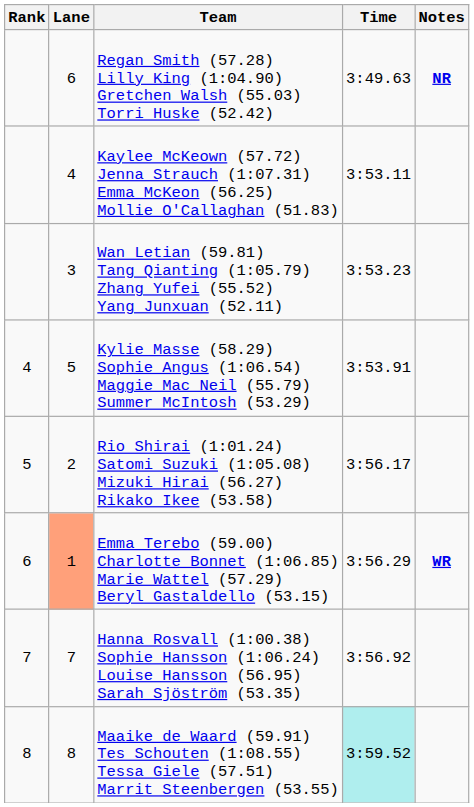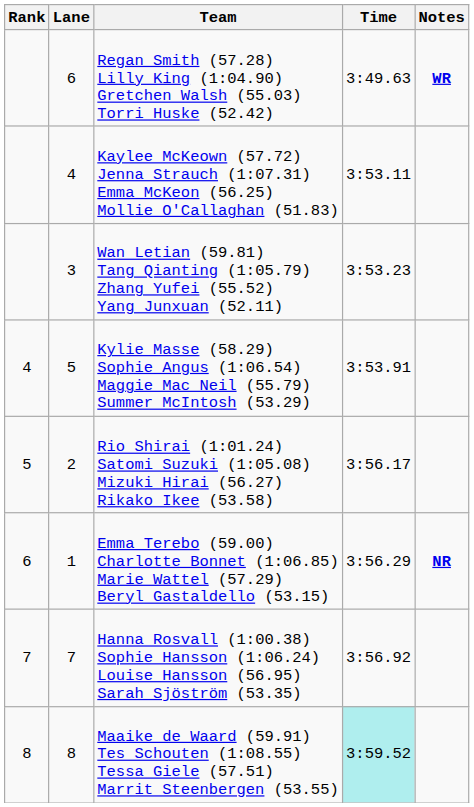 <table class="wikitable sortable mw-collapsible" style="text-align:center">
 <tr>
 <th scope="col">Rank</th>
 <th scope="col">Lane</th>
 <th scope="col">Team</th>
 <th scope="col">Time</th>
 <th scope="col">Notes</th>
 </tr>
 <tr>
 <td></td>
 <td>6</td>
 <td align=left><br><a href='#'>Regan Smith</a> (57.28) <br><a href='#'>Lilly King</a> (1:04.90)<br><a href='#'>Gretchen Walsh</a> (55.03)<br><a href='#'>Torri Huske</a> (52.42)</td>
 <td>3:49.63</td>
-<td><strong><a href='#'>NR</a></strong></td>
+<td><strong><a href='#'>WR</a></strong></td>
 </tr>
 <tr>
 <td></td>
 <td>4</td>
 <td align=left> <br><a href='#'>Kaylee McKeown</a> (57.72)<br><a href='#'>Jenna Strauch</a> (1:07.31)<br><a href='#'>Emma McKeon</a> (56.25)<br><a href='#'>Mollie O'Callaghan</a> (51.83)</td>
 <td>3:53.11</td>
 <td></td>
 </tr>
 <tr>
 <td></td>
 <td>3</td>
 <td align=left> <br><a href='#'>Wan Letian</a> (59.81)<br><a href='#'>Tang Qianting</a> (1:05.79)<br><a href='#'>Zhang Yufei</a> (55.52)<br><a href='#'>Yang Junxuan</a> (52.11)</td>
 <td>3:53.23</td>
 <td></td>
 </tr>
 <tr>
 <td>4</td>
 <td>5</td>
 <td align=left> <br><a href='#'>Kylie Masse</a> (58.29)<br><a href='#'>Sophie Angus</a> (1:06.54)<br><a href='#'>Maggie Mac Neil</a> (55.79)<br><a href='#'>Summer McIntosh</a> (53.29)</td>
 <td>3:53.91</td>
 <td></td>
 </tr>
 <tr>
 <td>5</td>
 <td>2</td>
 <td align=left> <br><a href='#'>Rio Shirai</a> (1:01.24)<br><a href='#'>Satomi Suzuki</a> (1:05.08)<br><a href='#'>Mizuki Hirai</a> (56.27)<br><a href='#'>Rikako Ikee</a> (53.58)</td>
 <td>3:56.17</td>
 <td></td>
 </tr>
 <tr>
 <td>6</td>
-<td style="background: lightsalmon;">1</td>
+<td>1</td>
 <td align=left> <br><a href='#'>Emma Terebo</a> (59.00)<br><a href='#'>Charlotte Bonnet</a> (1:06.85)<br><a href='#'>Marie Wattel</a> (57.29)<br><a href='#'>Beryl Gastaldello</a> (53.15)</td>
 <td>3:56.29</td>
-<td><strong><a href='#'>WR</a></strong></td>
+<td><strong><a href='#'>NR</a></strong></td>
 </tr>
 <tr>
 <td>7</td>
 <td>7</td>
 <td align=left><br><a href='#'>Hanna Rosvall</a> (1:00.38)<br><a href='#'>Sophie Hansson</a> (1:06.24)<br><a href='#'>Louise Hansson</a> (56.95)<br><a href='#'>Sarah Sjöström</a> (53.35)</td>
 <td>3:56.92</td>
 <td></td>
 </tr>
 <tr>
 <td>8</td>
 <td>8</td>
 <td align=left><br><a href='#'>Maaike de Waard</a> (59.91)<br><a href='#'>Tes Schouten</a> (1:08.55)<br><a href='#'>Tessa Giele</a> (57.51)<br><a href='#'>Marrit Steenbergen</a> (53.55)</td>
 <td style="background: paleturquoise;">3:59.52</td>
 <td></td>
 </tr>
 </table>
